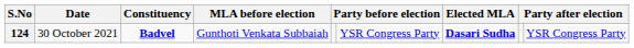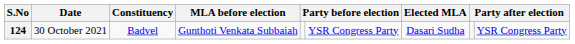 <table class="wikitable sortable" style="text-align:center;">
 <tr>
 <th>S.No</th>
 <th>Date</th>
 <th>Constituency</th>
 <th>MLA before election</th>
 <th colspan="2">Party before election</th>
 <th>Elected MLA</th>
 <th colspan="2">Party after election</th>
 </tr>
 <tr>
 <th>124</th>
 <td>30 October 2021</td>
-<td><strong><a href='#'>Badvel</a></strong></td>
+<td><a href='#'>Badvel</a></td>
 <td><a href='#'>Gunthoti Venkata Subbaiah</a></td>
 <td></td>
 <td><a href='#'>YSR Congress Party</a></td>
-<td><strong><a href='#'>Dasari Sudha</a></strong></td>
+<td><a href='#'>Dasari Sudha</a></td>
 <td></td>
 <td><a href='#'>YSR Congress Party</a></td>
 </tr>
 </table>
